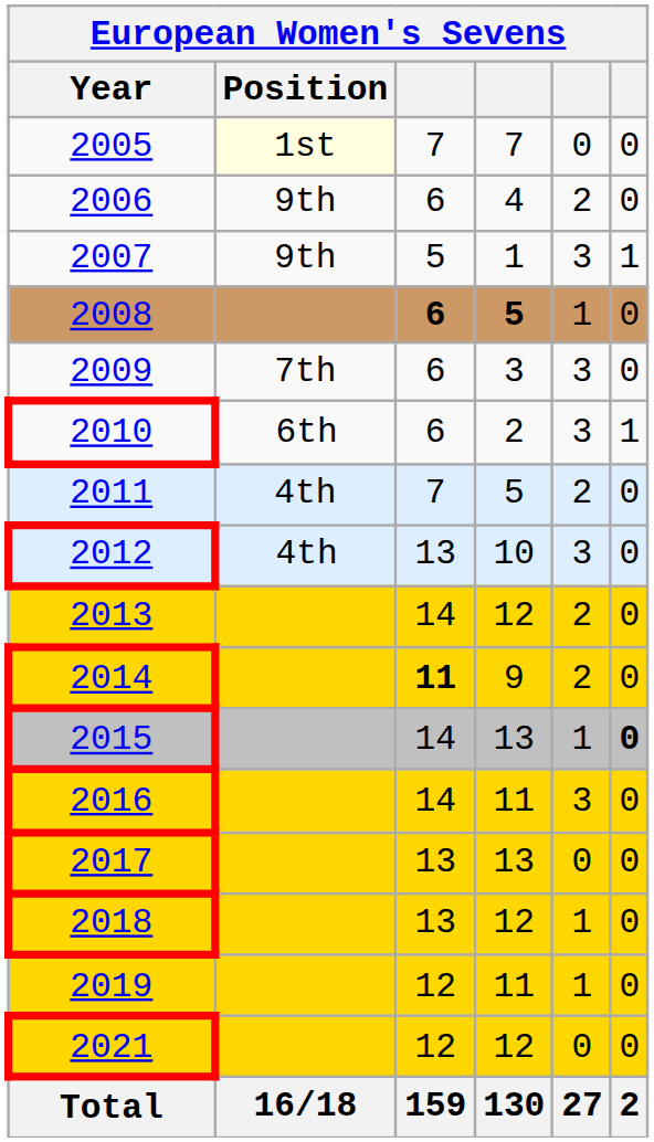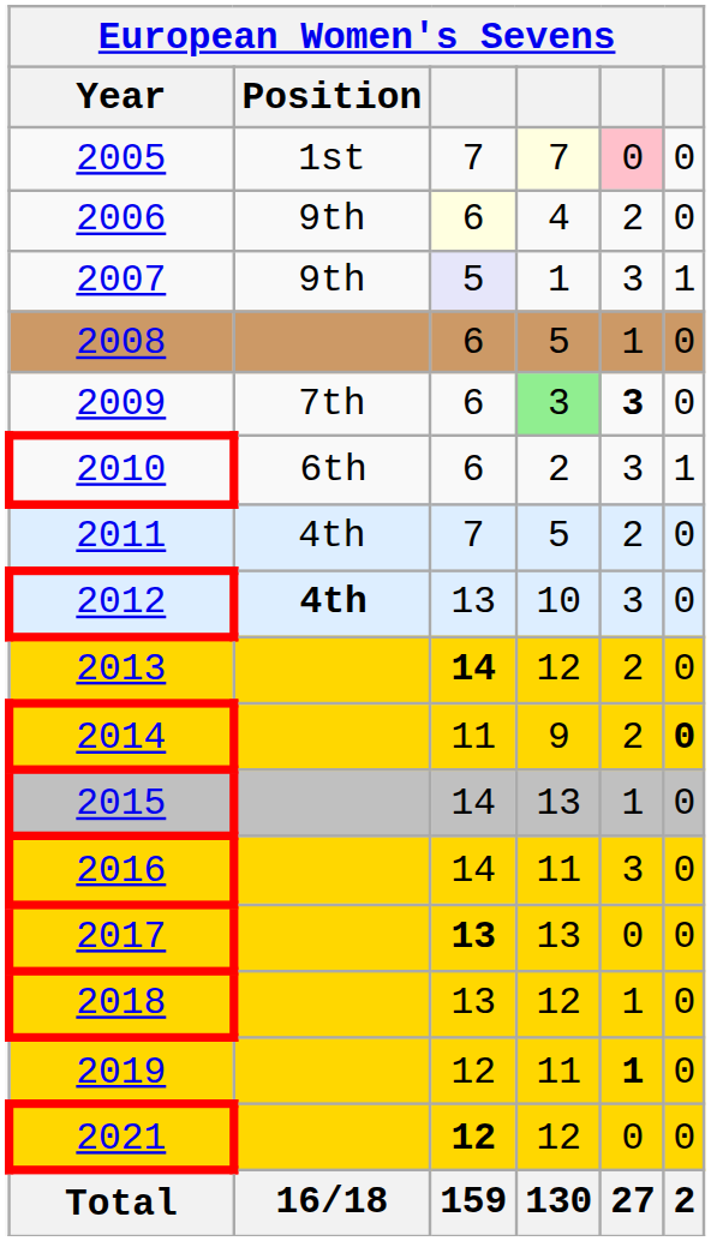 <table class="wikitable" style="text-align: center;">
 <tr>
 <th colspan=10><a href='#'>European Women's Sevens</a></th>
 </tr>
 <tr>
 <th style="width:5.5em;">Year</th>
 <th>Position</th>
 <th></th>
 <th></th>
 <th></th>
 <th></th>
 </tr>
 <tr>
 <td> <a href='#'>2005</a></td>
-<td style="background: lightyellow;">1st</td>
+<td>1st</td>
 <td>7</td>
-<td>7</td>
-<td>0</td>
+<td style="background: lightyellow;">7</td>
+<td style="background: pink;">0</td>
 <td>0</td>
 </tr>
 <tr>
 <td> <a href='#'>2006</a></td>
 <td>9th</td>
-<td>6</td>
+<td style="background: lightyellow;">6</td>
 <td>4</td>
 <td>2</td>
 <td>0</td>
 </tr>
 <tr>
 <td> <a href='#'>2007</a></td>
 <td>9th</td>
-<td>5</td>
+<td style="background: lavender;">5</td>
 <td>1</td>
 <td>3</td>
 <td>1</td>
 </tr>
 <tr bgcolor=#cc9966>
 <td> <a href='#'>2008</a></td>
 <td></td>
-<td><strong>6</strong></td>
-<td><strong>5</strong></td>
+<td>6</td>
+<td>5</td>
 <td>1</td>
 <td>0</td>
 </tr>
 <tr>
 <td> <a href='#'>2009</a></td>
 <td>7th</td>
 <td>6</td>
-<td>3</td>
-<td>3</td>
+<td style="background: lightgreen;">3</td>
+<td><strong>3</strong></td>
 <td>0</td>
 </tr>
 <tr>
 <td style="border: 3px solid red"> <a href='#'>2010</a></td>
 <td>6th</td>
 <td>6</td>
 <td>2</td>
 <td>3</td>
 <td>1</td>
 </tr>
 <tr bgcolor=#ddeeff>
 <td> <a href='#'>2011</a></td>
 <td>4th</td>
 <td>7</td>
 <td>5</td>
 <td>2</td>
 <td>0</td>
 </tr>
 <tr bgcolor=#ddeeff>
 <td style="border: 3px solid red"><a href='#'>2012</a></td>
-<td>4th</td>
+<td><strong>4th</strong></td>
 <td>13</td>
 <td>10</td>
 <td>3</td>
 <td>0</td>
 </tr>
 <tr bgcolor=gold>
 <td><a href='#'>2013</a></td>
 <td></td>
-<td>14</td>
+<td><strong>14</strong></td>
 <td>12</td>
 <td>2</td>
 <td>0</td>
 </tr>
 <tr bgcolor=gold>
 <td style="border: 3px solid red"><a href='#'>2014</a></td>
 <td></td>
-<td><strong>11</strong></td>
+<td>11</td>
 <td>9</td>
 <td>2</td>
-<td>0</td>
+<td><strong>0</strong></td>
 </tr>
 <tr bgcolor=silver>
 <td style="border: 3px solid red"><a href='#'>2015</a></td>
 <td></td>
 <td>14</td>
 <td>13</td>
 <td>1</td>
-<td><strong>0</strong></td>
+<td>0</td>
 </tr>
 <tr bgcolor=gold>
 <td style="border: 3px solid red"><a href='#'>2016</a></td>
 <td></td>
 <td>14</td>
 <td>11</td>
 <td>3</td>
 <td>0</td>
 </tr>
 <tr bgcolor=gold>
 <td style="border: 3px solid red"><a href='#'>2017</a></td>
 <td></td>
-<td>13</td>
+<td><strong>13</strong></td>
 <td>13</td>
 <td>0</td>
 <td>0</td>
 </tr>
 <tr bgcolor=gold>
 <td style="border: 3px solid red"><a href='#'>2018</a></td>
 <td></td>
 <td>13</td>
 <td>12</td>
 <td>1</td>
 <td>0</td>
 </tr>
 <tr bgcolor=gold>
 <td><a href='#'>2019</a></td>
 <td></td>
 <td>12</td>
 <td>11</td>
-<td>1</td>
+<td><strong>1</strong></td>
 <td>0</td>
 </tr>
 <tr bgcolor=gold>
 <td style="border: 3px solid red"><a href='#'>2021</a></td>
 <td></td>
-<td>12</td>
+<td><strong>12</strong></td>
 <td>12</td>
 <td>0</td>
 <td>0</td>
 </tr>
 <tr>
 <th>Total</th>
 <th>16/18</th>
 <th>159</th>
 <th>130</th>
 <th>27</th>
 <th>2</th>
 </tr>
 </table>
